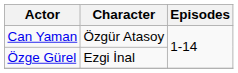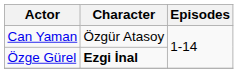 <table class="wikitable">
 <tr>
 <th>Actor</th>
 <th>Character</th>
 <th>Episodes</th>
 </tr>
 <tr>
 <td><a href='#'>Can Yaman</a></td>
 <td>Özgür Atasoy</td>
 <td rowspan="2">1-14</td>
 </tr>
 <tr>
 <td><a href='#'>Özge Gürel</a></td>
-<td>Ezgi İnal</td>
+<td><strong>Ezgi İnal</strong></td>
 </tr>
 <tr>
 </tr>
 </table>
